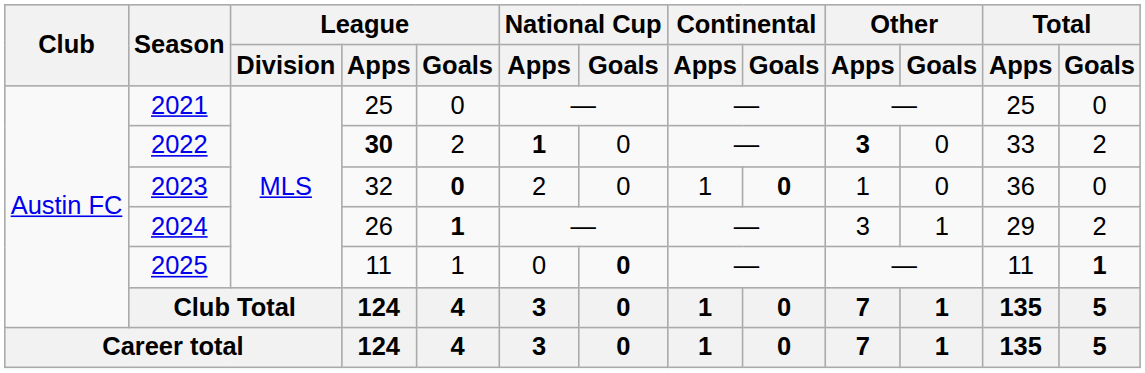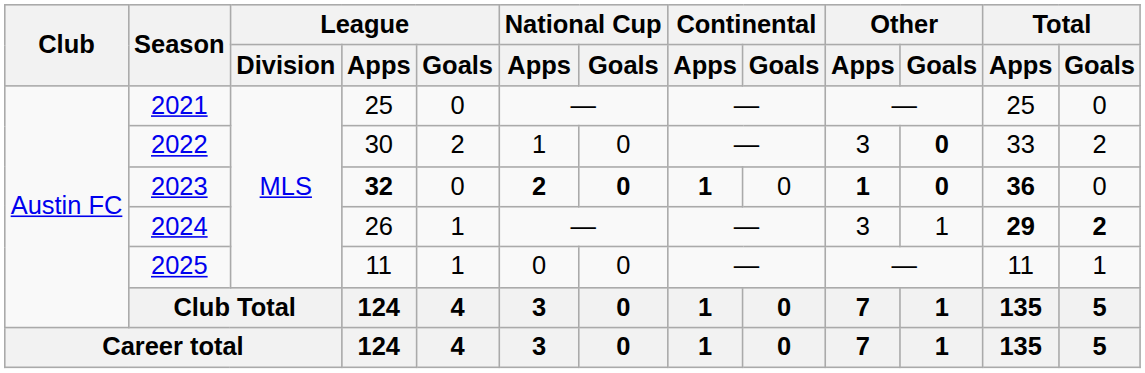 <table class=wikitable style=text-align:center>
 <tr>
 <th rowspan=2>Club</th>
 <th rowspan=2>Season</th>
 <th colspan=3>League</th>
 <th colspan=2>National Cup</th>
 <th colspan=2>Continental</th>
 <th colspan=2>Other</th>
 <th colspan=2>Total</th>
 </tr>
 <tr>
 <th>Division</th>
 <th>Apps</th>
 <th>Goals</th>
 <th>Apps</th>
 <th>Goals</th>
 <th>Apps</th>
 <th>Goals</th>
 <th>Apps</th>
 <th>Goals</th>
 <th>Apps</th>
 <th>Goals</th>
 </tr>
 <tr>
 <td rowspan=6><a href='#'>Austin FC</a></td>
 <td><a href='#'>2021</a></td>
 <td rowspan=5><a href='#'>MLS</a></td>
 <td>25</td>
 <td>0</td>
 <td colspan=2>—</td>
 <td colspan=2>—</td>
 <td colspan=2>—</td>
 <td>25</td>
 <td>0</td>
 </tr>
 <tr>
 <td><a href='#'>2022</a></td>
-<td><strong>30</strong></td>
+<td>30</td>
 <td>2</td>
-<td><strong>1</strong></td>
+<td>1</td>
 <td>0</td>
 <td colspan=2>—</td>
-<td><strong>3</strong></td>
-<td>0</td>
+<td>3</td>
+<td><strong>0</strong></td>
 <td>33</td>
 <td>2</td>
 </tr>
 <tr>
 <td><a href='#'>2023</a></td>
-<td>32</td>
+<td><strong>32</strong></td>
+<td>0</td>
+<td><strong>2</strong></td>
 <td><strong>0</strong></td>
-<td>2</td>
+<td><strong>1</strong></td>
 <td>0</td>
-<td>1</td>
+<td><strong>1</strong></td>
 <td><strong>0</strong></td>
-<td>1</td>
-<td>0</td>
-<td>36</td>
+<td><strong>36</strong></td>
 <td>0</td>
 </tr>
 <tr>
 <td><a href='#'>2024</a></td>
 <td>26</td>
-<td><strong>1</strong></td>
+<td>1</td>
 <td colspan=2>—</td>
 <td colspan=2>—</td>
 <td>3</td>
 <td>1</td>
-<td>29</td>
-<td>2</td>
+<td><strong>29</strong></td>
+<td><strong>2</strong></td>
 </tr>
 <tr>
 <td><a href='#'>2025</a></td>
 <td>11</td>
 <td>1</td>
 <td>0</td>
-<td><strong>0</strong></td>
+<td>0</td>
 <td colspan=2>—</td>
 <td colspan=2>—</td>
 <td>11</td>
-<td><strong>1</strong></td>
+<td>1</td>
 </tr>
 <tr>
 <th colspan=2>Club Total</th>
 <th>124</th>
 <th>4</th>
 <th>3</th>
 <th>0</th>
 <th>1</th>
 <th>0</th>
 <th>7</th>
 <th>1</th>
 <th>135</th>
 <th>5</th>
 </tr>
 <tr>
 <th colspan=3>Career total</th>
 <th>124</th>
 <th>4</th>
 <th>3</th>
 <th>0</th>
 <th>1</th>
 <th>0</th>
 <th>7</th>
 <th>1</th>
 <th>135</th>
 <th>5</th>
 </tr>
 </table>
